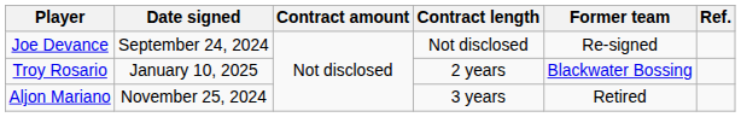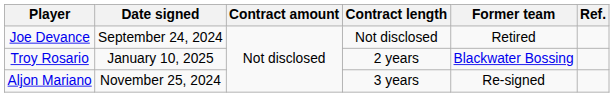 <table class="wikitable sortable sortable">
 <tr>
 <th>Player</th>
 <th>Date signed</th>
 <th>Contract amount</th>
 <th>Contract length</th>
 <th>Former team</th>
 <th>Ref.</th>
 </tr>
 <tr>
 <td align=center><a href='#'>Joe Devance</a></td>
 <td align=center>September 24, 2024</td>
 <td align=center rowspan=3>Not disclosed</td>
 <td align=center>Not disclosed</td>
-<td align=center>Re-signed</td>
+<td align=center>Retired</td>
 <td align=center></td>
 </tr>
 <tr>
 <td align=center><a href='#'>Troy Rosario</a></td>
 <td align=center>January 10, 2025</td>
 <td align=center>2 years</td>
 <td align=center><a href='#'>Blackwater Bossing</a></td>
 <td align=center></td>
 </tr>
 <tr>
 <td align=center><a href='#'>Aljon Mariano</a></td>
 <td align=center>November 25, 2024</td>
 <td align=center>3 years</td>
-<td align=center>Retired</td>
+<td align=center>Re-signed</td>
 <td align=center></td>
 </tr>
 </table>
